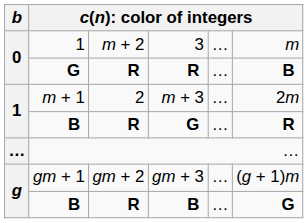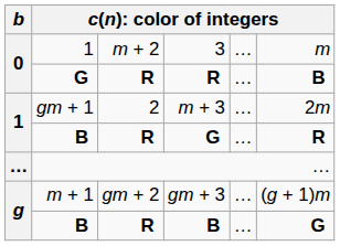 <table class="wikitable floatright" style="text-align:right">
 <tr>
 <th><em>b</em></th>
 <th colspan="5"><em>c</em>(<em>n</em>): color of integers</th>
 </tr>
 <tr>
 <th rowspan="2">0</th>
 <td>1</td>
 <td><em>m</em> + 2</td>
 <td>3</td>
 <td>…</td>
 <td><em>m</em></td>
 </tr>
 <tr>
 <td> <strong><span>G</span></strong> </td>
 <td> <strong><span>R</span></strong> </td>
 <td> <strong><span>R</span></strong> </td>
 <td>…</td>
 <td> <strong><span>B</span></strong> </td>
 </tr>
 <tr>
 <th rowspan="2">1</th>
-<td><em>m</em> + 1</td>
+<td><em>gm</em> + 1</td>
 <td>2</td>
 <td><em>m</em> + 3</td>
 <td>…</td>
 <td>2<em>m</em></td>
 </tr>
 <tr>
 <td> <strong><span>B</span></strong> </td>
 <td> <strong><span>R</span></strong> </td>
 <td> <strong><span>G</span></strong> </td>
 <td>…</td>
 <td> <strong><span>R</span></strong> </td>
 </tr>
 <tr>
 <th>…</th>
 <td colspan="5">…</td>
 </tr>
 <tr>
 <th rowspan="2"><em>g</em></th>
-<td><em>gm</em> + 1</td>
+<td><em>m</em> + 1</td>
 <td><em>gm</em> + 2</td>
 <td><em>gm</em> + 3</td>
 <td>…</td>
 <td>(<em>g</em> + 1)<em>m</em></td>
 </tr>
 <tr>
 <td> <strong><span>B</span></strong> </td>
 <td> <strong><span>R</span></strong> </td>
 <td> <strong><span>B</span></strong> </td>
 <td>…</td>
 <td> <strong><span>G</span></strong> </td>
 </tr>
 </table>
